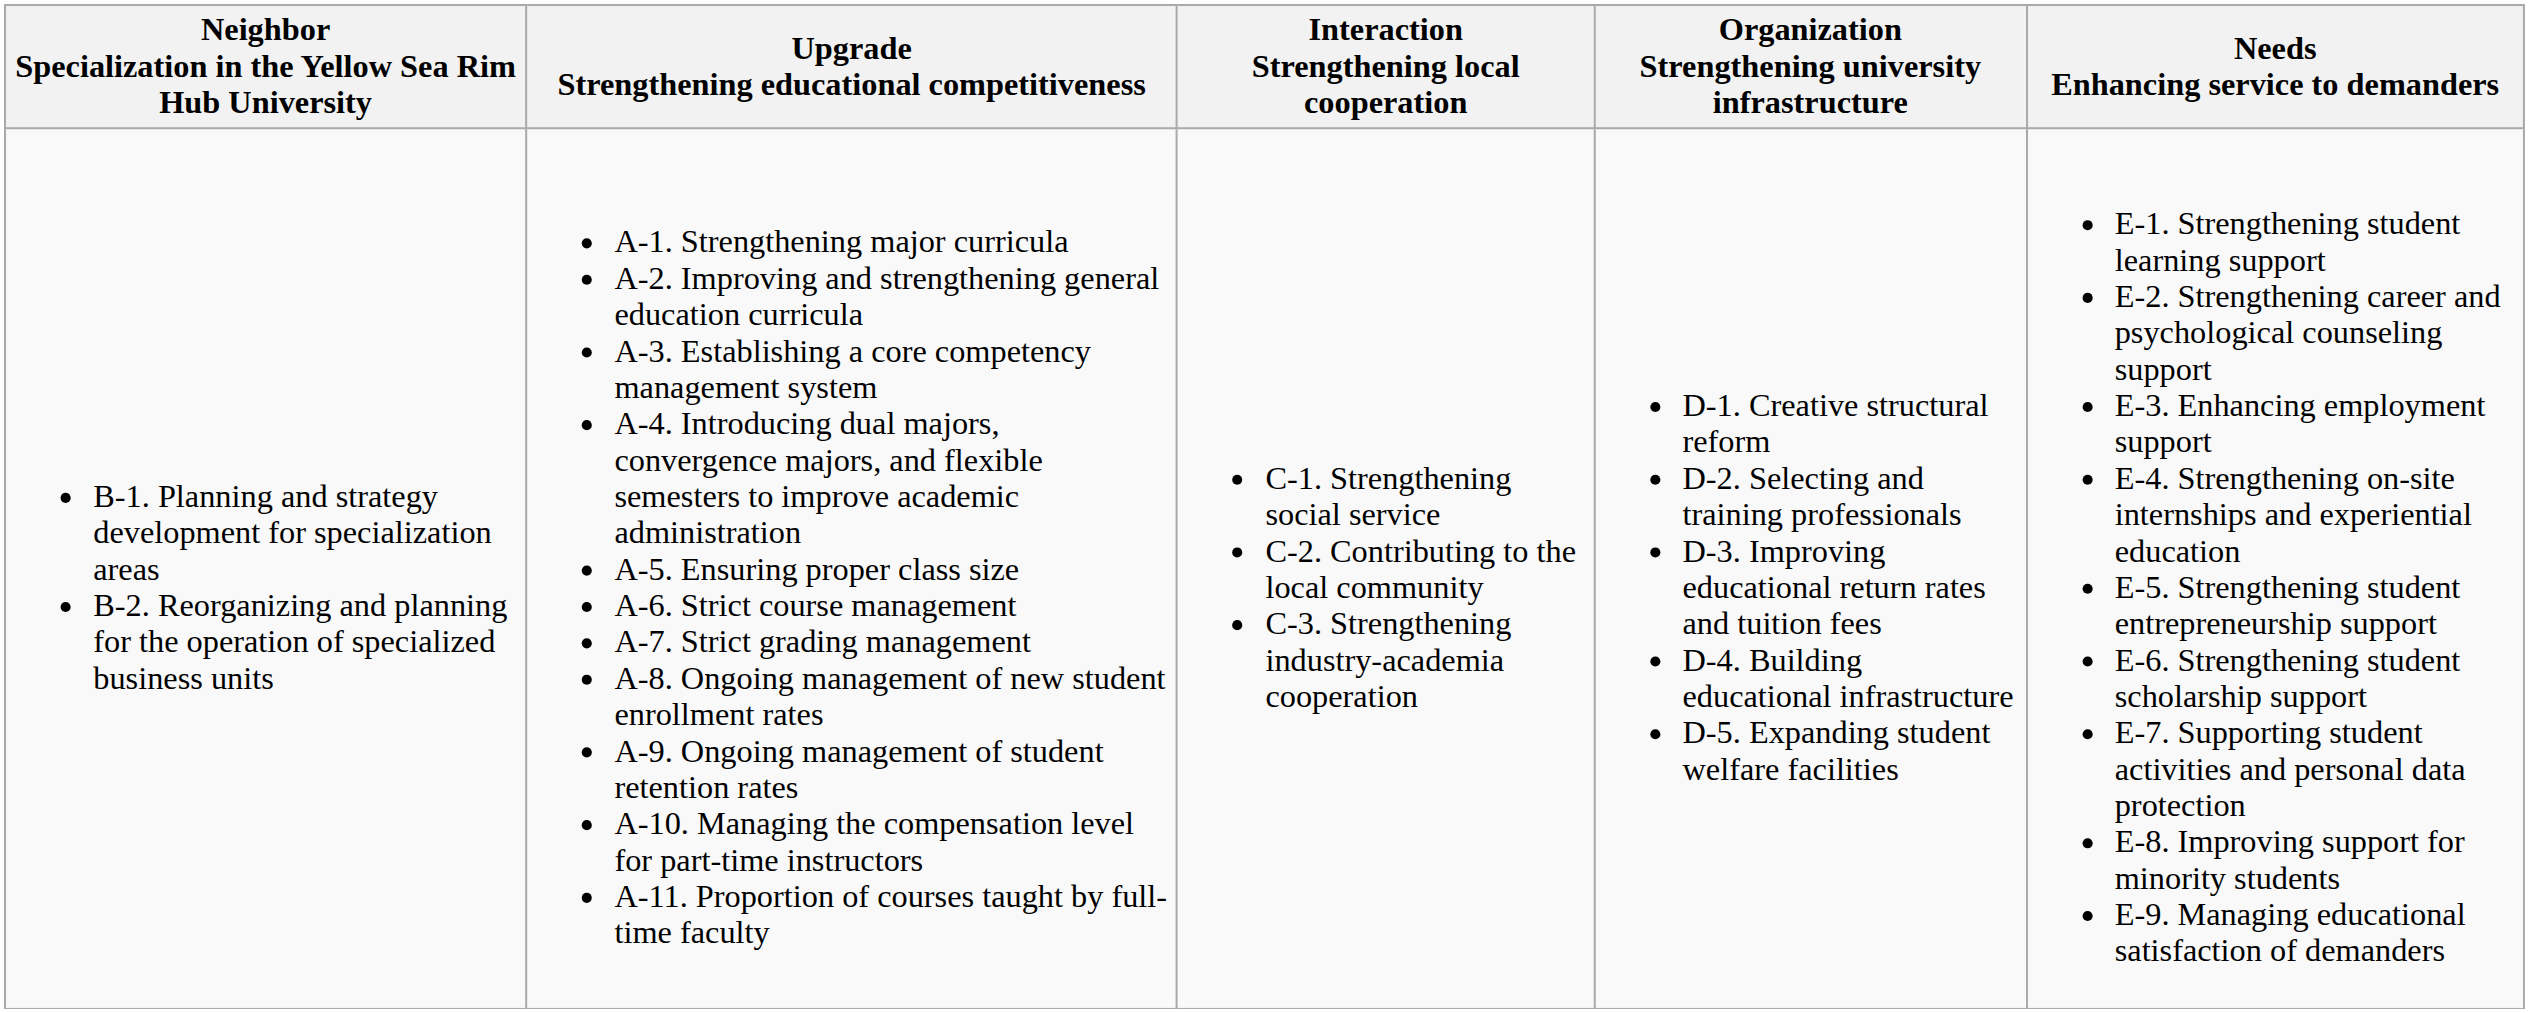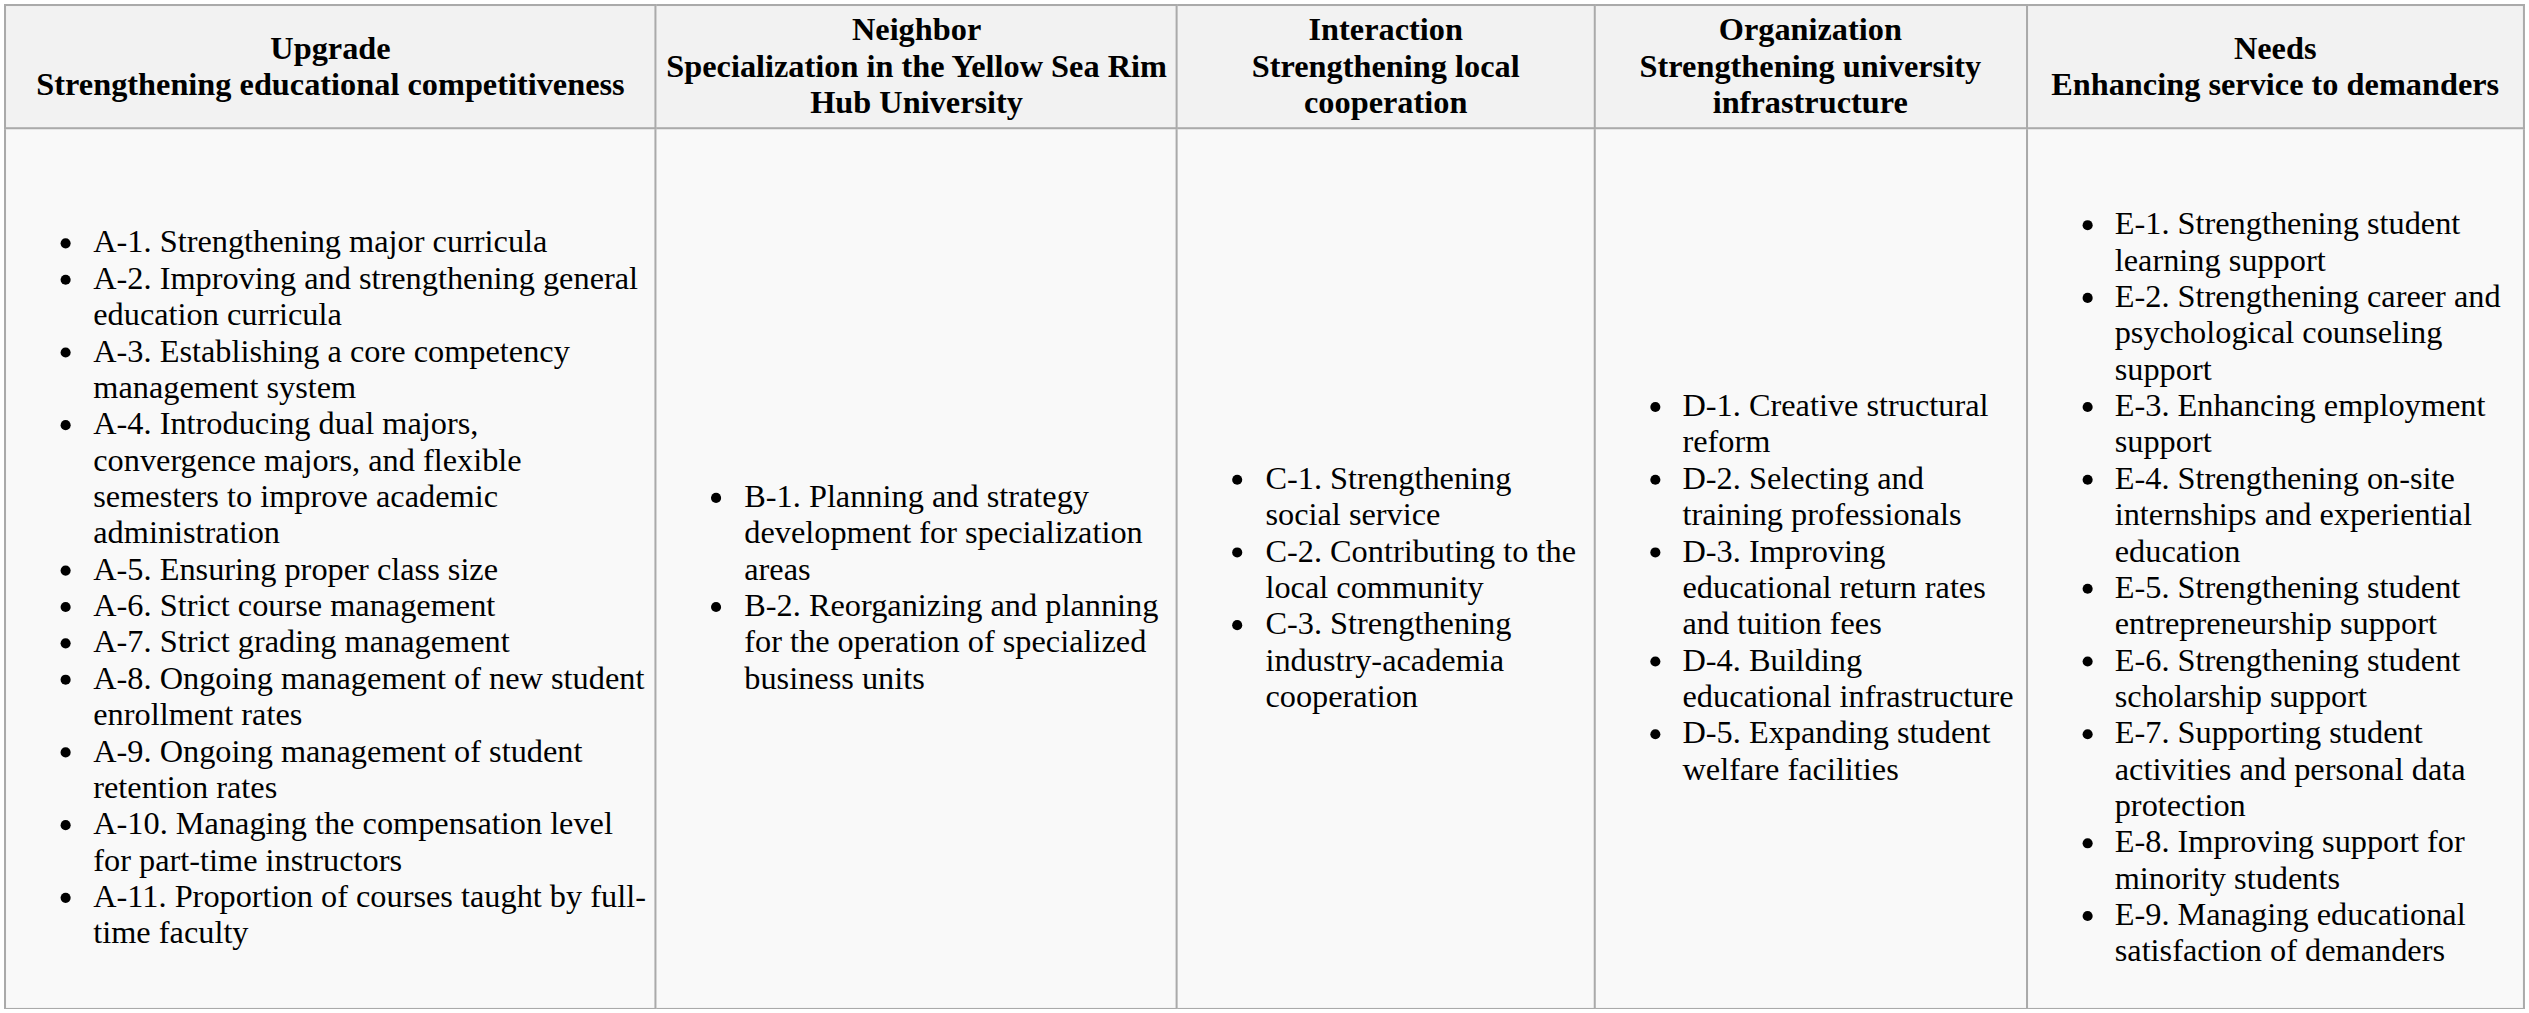 <table class="wikitable">
 <tr>
+<th>Upgrade<br>Strengthening educational competitiveness</th>
 <th>Neighbor<br>Specialization in the Yellow Sea Rim Hub University</th>
-<th>Upgrade<br>Strengthening educational competitiveness</th>
 <th>Interaction<br>Strengthening local cooperation</th>
 <th>Organization<br>Strengthening university infrastructure</th>
 <th>Needs<br>Enhancing service to demanders</th>
 </tr>
 <tr>
+<td><br><ul><li>A-1. Strengthening major curricula</li><li>A-2. Improving and strengthening general education curricula</li><li>A-3. Establishing a core competency management system</li><li>A-4. Introducing dual majors, convergence majors, and flexible semesters to improve academic administration</li><li>A-5. Ensuring proper class size</li><li>A-6. Strict course management</li><li>A-7. Strict grading management</li><li>A-8. Ongoing management of new student enrollment rates</li><li>A-9. Ongoing management of student retention rates</li><li>A-10. Managing the compensation level for part-time instructors</li><li>A-11. Proportion of courses taught by full-time faculty</li></ul></td>
 <td><br><ul><li>B-1. Planning and strategy development for specialization areas</li><li>B-2. Reorganizing and planning for the operation of specialized business units</li></ul></td>
-<td><br><ul><li>A-1. Strengthening major curricula</li><li>A-2. Improving and strengthening general education curricula</li><li>A-3. Establishing a core competency management system</li><li>A-4. Introducing dual majors, convergence majors, and flexible semesters to improve academic administration</li><li>A-5. Ensuring proper class size</li><li>A-6. Strict course management</li><li>A-7. Strict grading management</li><li>A-8. Ongoing management of new student enrollment rates</li><li>A-9. Ongoing management of student retention rates</li><li>A-10. Managing the compensation level for part-time instructors</li><li>A-11. Proportion of courses taught by full-time faculty</li></ul></td>
 <td><br><ul><li>C-1. Strengthening social service</li><li>C-2. Contributing to the local community</li><li>C-3. Strengthening industry-academia cooperation</li></ul></td>
 <td><br><ul><li>D-1. Creative structural reform</li><li>D-2. Selecting and training professionals</li><li>D-3. Improving educational return rates and tuition fees</li><li>D-4. Building educational infrastructure</li><li>D-5. Expanding student welfare facilities</li></ul></td>
 <td><br><ul><li>E-1. Strengthening student learning support</li><li>E-2. Strengthening career and psychological counseling support</li><li>E-3. Enhancing employment support</li><li>E-4. Strengthening on-site internships and experiential education</li><li>E-5. Strengthening student entrepreneurship support</li><li>E-6. Strengthening student scholarship support</li><li>E-7. Supporting student activities and personal data protection</li><li>E-8. Improving support for minority students</li><li>E-9. Managing educational satisfaction of demanders</li></ul></td>
 </tr>
 </table>
